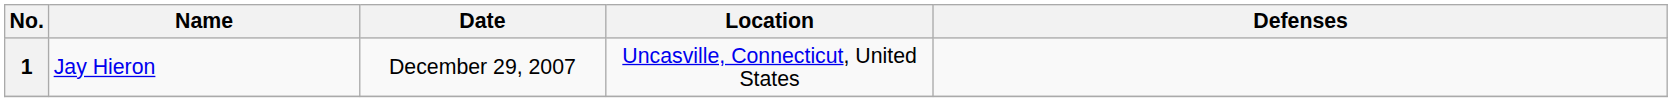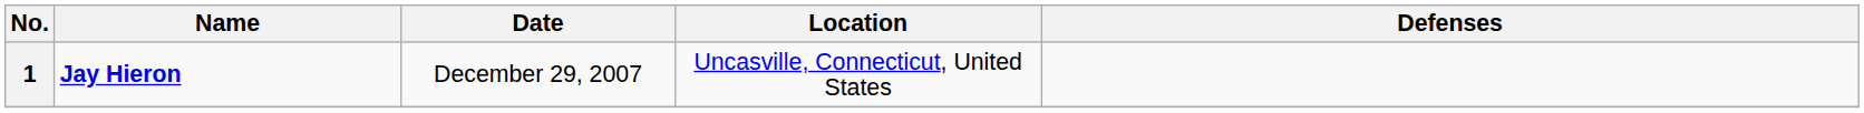 <table class="wikitable" width="99%" style="text-align:center;">
 <tr>
 <th width=1%>No.</th>
 <th width=19%>Name</th>
 <th width=15%>Date</th>
 <th width=20%>Location</th>
 <th width=45%>Defenses</th>
 </tr>
 <tr>
 <th>1</th>
-<td align="left"> <a href='#'>Jay Hieron</a><br></td>
+<td align="left"><strong> <a href='#'>Jay Hieron</a><br></strong></td>
 <td>December 29, 2007</td>
 <td><a href='#'>Uncasville, Connecticut</a>, United States</td>
 <td align="left"><br></td>
 </tr>
 <tr>
 </tr>
 </table>
